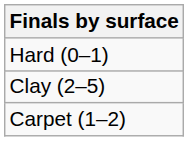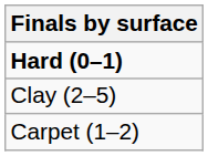 <table class=wikitable style=font-size:90%>
 <tr>
 <th>Finals by surface</th>
 </tr>
 <tr>
-<td>Hard (0–1)</td>
+<td><strong>Hard (0–1)</strong></td>
 </tr>
 <tr>
 <td>Clay (2–5)</td>
 </tr>
 <tr>
 <td>Carpet (1–2)</td>
 </tr>
 </table>
